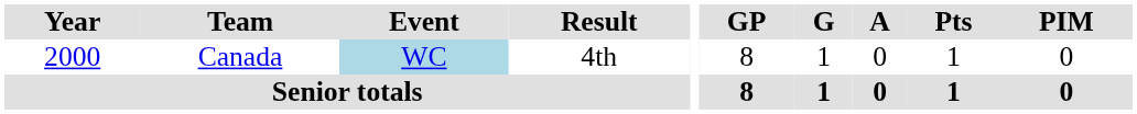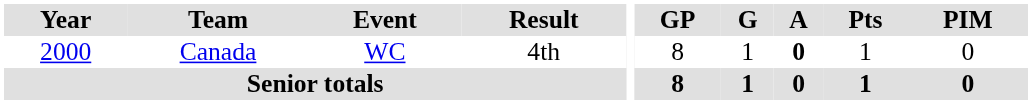 <table border="0" cellpadding="1" cellspacing="0" ID="Table3" style="text-align:center; width:40em">
 <tr ALIGN="center" bgcolor="#e0e0e0">
 <th>Year</th>
 <th>Team</th>
 <th>Event</th>
 <th>Result</th>
 <th rowspan="99" bgcolor="#ffffff"></th>
 <th>GP</th>
 <th>G</th>
 <th>A</th>
 <th>Pts</th>
 <th>PIM</th>
 </tr>
 <tr>
 <td><a href='#'>2000</a></td>
 <td><a href='#'>Canada</a></td>
-<td style="background: lightblue;"><a href='#'>WC</a></td>
+<td><a href='#'>WC</a></td>
 <td>4th</td>
 <td>8</td>
 <td>1</td>
-<td>0</td>
+<td><strong>0</strong></td>
 <td>1</td>
 <td>0</td>
 </tr>
 <tr ALIGN="center" bgcolor="#e0e0e0">
 <th colspan=4>Senior totals</th>
 <th>8</th>
 <th>1</th>
 <th>0</th>
 <th>1</th>
 <th>0</th>
 </tr>
 </table>
